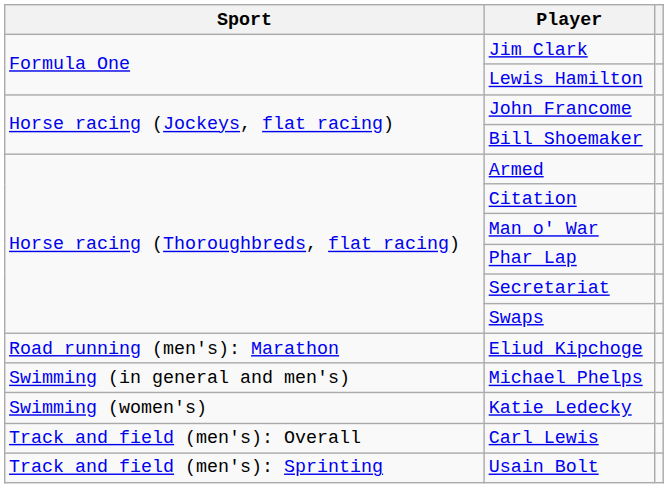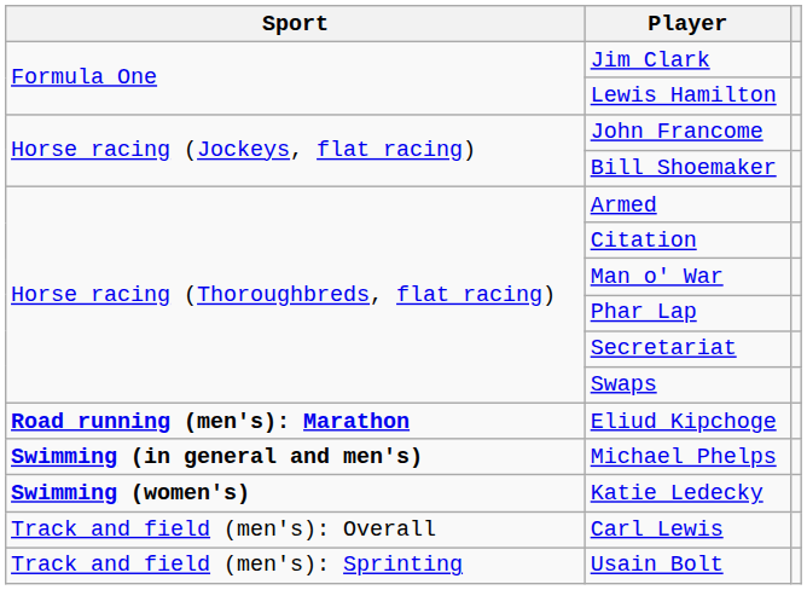 <table class="wikitable mw-uncollapsed" style="width:75%;">
 <tr>
 <th>Sport</th>
 <th>Player</th>
 <th></th>
 </tr>
 <tr>
 <td rowspan="2"><a href='#'>Formula One</a></td>
 <td><a href='#'>Jim Clark</a></td>
 <td></td>
 </tr>
 <tr>
 <td><a href='#'>Lewis Hamilton</a></td>
 <td></td>
 </tr>
 <tr>
 <td rowspan="2"><a href='#'>Horse racing</a> (<a href='#'>Jockeys</a>, <a href='#'>flat racing</a>)</td>
 <td><a href='#'>John Francome</a></td>
 <td></td>
 </tr>
 <tr>
 <td><a href='#'>Bill Shoemaker</a></td>
 <td></td>
 </tr>
 <tr>
 <td rowspan="6"><a href='#'>Horse racing</a> (<a href='#'>Thoroughbreds</a>, <a href='#'>flat racing</a>)</td>
 <td><a href='#'>Armed</a></td>
 <td></td>
 </tr>
 <tr>
 <td><a href='#'>Citation</a></td>
 <td></td>
 </tr>
 <tr>
 <td><a href='#'>Man o' War</a></td>
 <td></td>
 </tr>
 <tr>
 <td><a href='#'>Phar Lap</a></td>
 <td></td>
 </tr>
 <tr>
 <td><a href='#'>Secretariat</a></td>
 <td></td>
 </tr>
 <tr>
 <td><a href='#'>Swaps</a></td>
 <td></td>
 </tr>
 <tr>
-<td><a href='#'>Road running</a> (men's): <a href='#'>Marathon</a></td>
+<td><strong><a href='#'>Road running</a> (men's): <a href='#'>Marathon</a></strong></td>
 <td><a href='#'>Eliud Kipchoge</a></td>
 <td></td>
 </tr>
 <tr>
-<td><a href='#'>Swimming</a> (in general and men's)</td>
+<td><strong><a href='#'>Swimming</a> (in general and men's)</strong></td>
 <td><a href='#'>Michael Phelps</a></td>
 <td></td>
 </tr>
 <tr>
-<td><a href='#'>Swimming</a> (women's)</td>
+<td><strong><a href='#'>Swimming</a> (women's)</strong></td>
 <td><a href='#'>Katie Ledecky</a></td>
 <td></td>
 </tr>
 <tr>
 <td><a href='#'>Track and field</a> (men's): Overall</td>
 <td><a href='#'>Carl Lewis</a></td>
 <td></td>
 </tr>
 <tr>
 <td><a href='#'>Track and field</a> (men's): <a href='#'>Sprinting</a></td>
 <td><a href='#'>Usain Bolt</a></td>
 <td></td>
 </tr>
 </table>
